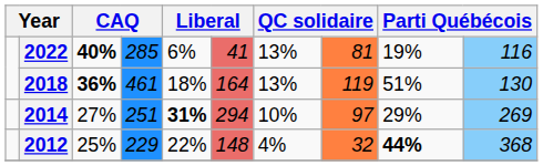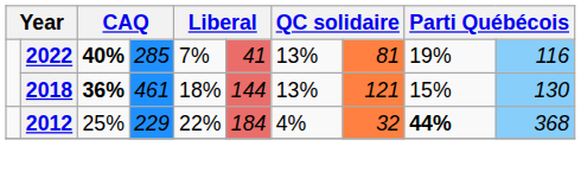 <table class="wikitable" style="float:right; width:400; font-size:90%; margin-left:1em;">
 <tr>
 <th colspan="2" scope="col">Year</th>
 <th colspan="2" scope="col"><a href='#'>CAQ</a></th>
 <th colspan="2" scope="col"><a href='#'>Liberal</a></th>
 <th colspan="2" scope="col"><a href='#'>QC solidaire</a></th>
 <th colspan="2" scope="col"><a href='#'>Parti Québécois</a></th>
 </tr>
 <tr>
 <td rowspan="2" style="width: 0.25em; background-color: "></td>
 <th><a href='#'>2022</a></th>
 <td><strong>40%</strong></td>
 <td style="text-align:right; background:#1E90FF;"><em>285</em></td>
-<td>6%</td>
+<td>7%</td>
 <td style="text-align:right; background:#EA6D6A;"><em>41</em></td>
 <td>13%</td>
 <td style="text-align:right; background:#FF8040;"><em>81</em></td>
 <td>19%</td>
 <td style="text-align:right; background:#87CEFA;"><em>116</em></td>
 </tr>
 <tr>
 <th><a href='#'>2018</a></th>
 <td><strong>36%</strong></td>
 <td style="text-align:right; background:#1E90FF;"><em>461</em></td>
 <td>18%</td>
-<td style="text-align:right; background:#EA6D6A;"><em>164</em></td>
+<td style="text-align:right; background:#EA6D6A;"><em>144</em></td>
 <td>13%</td>
-<td style="text-align:right; background:#FF8040;"><em>119</em></td>
-<td>51%</td>
+<td style="text-align:right; background:#FF8040;"><em>121</em></td>
+<td>15%</td>
 <td style="text-align:right; background:#87CEFA;"><em>130</em></td>
-</tr>
-<tr>
-<td style="width: 0.25em; background-color: "></td>
-<th><a href='#'>2014</a></th>
-<td>27%</td>
-<td style="text-align:right; background:#1E90FF;"><em>251</em></td>
-<td><strong>31%</strong></td>
-<td style="text-align:right; background:#EA6D6A;"><em>294</em></td>
-<td>10%</td>
-<td style="text-align:right; background:#FF8040;"><em>97</em></td>
-<td>29%</td>
-<td style="text-align:right; background:#87CEFA;"><em>269</em></td>
 </tr>
 <tr>
 <td style="width: 0.25em; background-color: "></td>
 <th><a href='#'>2012</a></th>
 <td>25%</td>
 <td style="text-align:right; background:#1E90FF;"><em>229</em></td>
 <td>22%</td>
-<td style="text-align:right; background:#EA6D6A;"><em>148</em></td>
+<td style="text-align:right; background:#EA6D6A;"><em>184</em></td>
 <td>4%</td>
 <td style="text-align:right; background:#FF8040;"><em>32</em></td>
 <td><strong>44%</strong></td>
 <td style="text-align:right; background:#87CEFA;"><em>368</em></td>
 </tr>
 <tr>
 </tr>
 </table>
